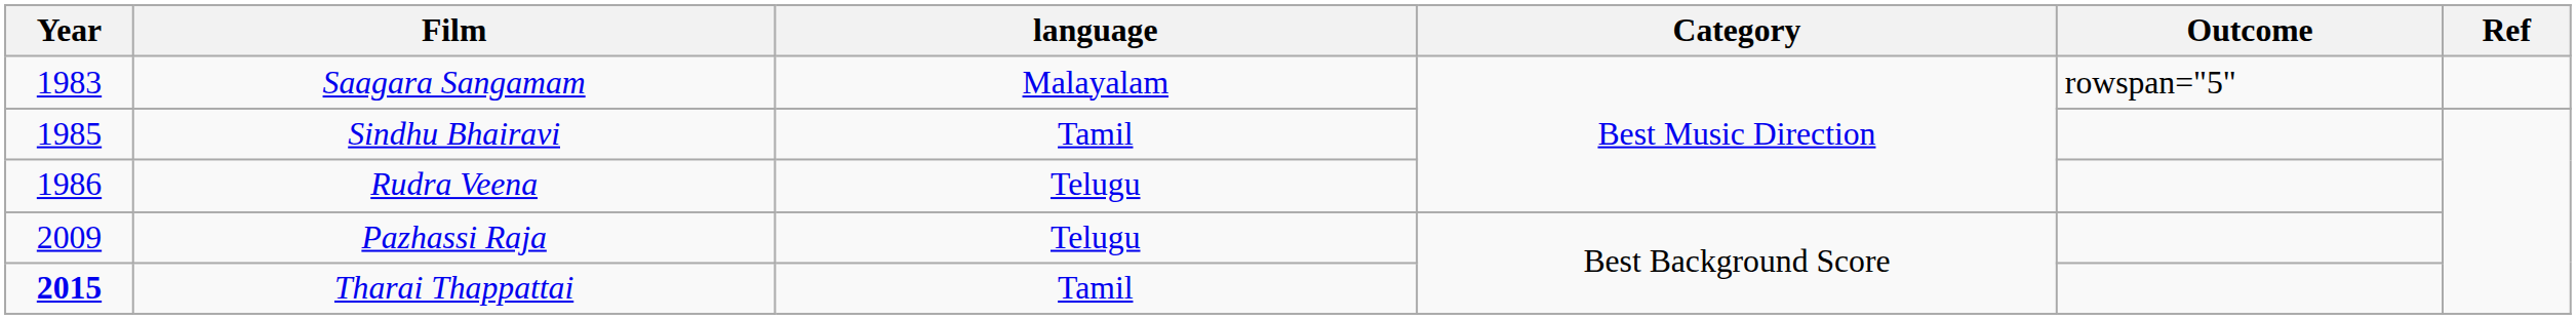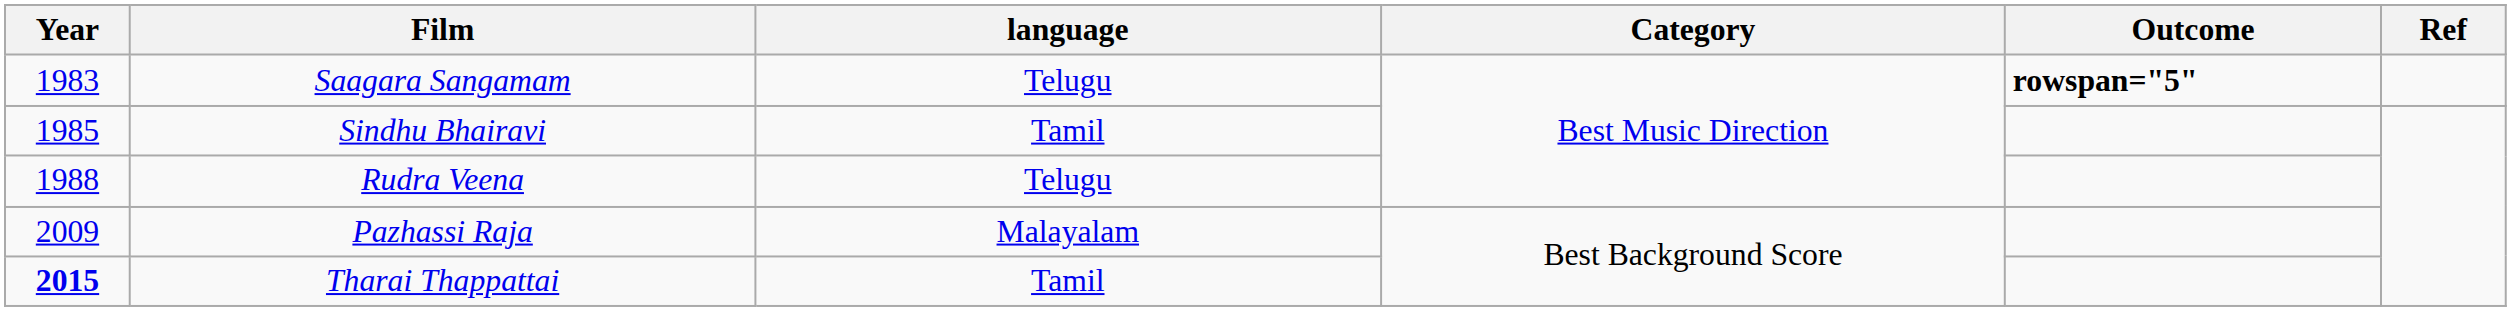 <table class="wikitable" style="width:100%;">
 <tr>
 <th width=5%>Year</th>
 <th style="width:25%;">Film</th>
 <th style="width:25%;">language</th>
 <th style="width:25%;">Category</th>
 <th style="width:15%;">Outcome</th>
 <th style="width:5%;">Ref</th>
 </tr>
 <tr>
 <td style="text-align:center;"><a href='#'>1983</a></td>
 <td style="text-align:center;"><em><a href='#'>Saagara Sangamam</a></em></td>
-<td style="text-align:center;"><a href='#'>Malayalam</a></td>
+<td style="text-align:center;"><a href='#'>Telugu</a></td>
 <td style="text-align:center;" rowspan="3"><a href='#'>Best Music Direction</a></td>
-<td>rowspan="5" </td>
+<td><strong>rowspan="5" </strong></td>
 <td style="text-align:center;"></td>
 </tr>
 <tr>
 <td style="text-align:center;"><a href='#'>1985</a></td>
 <td style="text-align:center;"><em><a href='#'>Sindhu Bhairavi</a></em></td>
 <td style="text-align:center;"><a href='#'>Tamil</a></td>
 <td style="text-align:center;"></td>
 </tr>
 <tr>
-<td style="text-align:center;"><a href='#'>1986</a></td>
+<td style="text-align:center;"><a href='#'>1988</a></td>
 <td style="text-align:center;"><em><a href='#'>Rudra Veena</a></em></td>
 <td style="text-align:center;"><a href='#'>Telugu</a></td>
 <td style="text-align:center;"></td>
 </tr>
 <tr>
 <td style="text-align:center;"><a href='#'>2009</a></td>
 <td style="text-align:center;"><em><a href='#'>Pazhassi Raja</a></em></td>
-<td style="text-align:center;"><a href='#'>Telugu</a></td>
+<td style="text-align:center;"><a href='#'>Malayalam</a></td>
 <td style="text-align:center;" rowspan="2">Best Background Score</td>
 <td style="text-align:center;"></td>
 </tr>
 <tr>
 <td style="text-align:center;"><strong><a href='#'>2015</a></strong></td>
 <td style="text-align:center;"><em><a href='#'>Tharai Thappattai</a></em></td>
 <td style="text-align:center;"><a href='#'>Tamil</a></td>
 <td style="text-align:center;"></td>
 </tr>
 </table>
